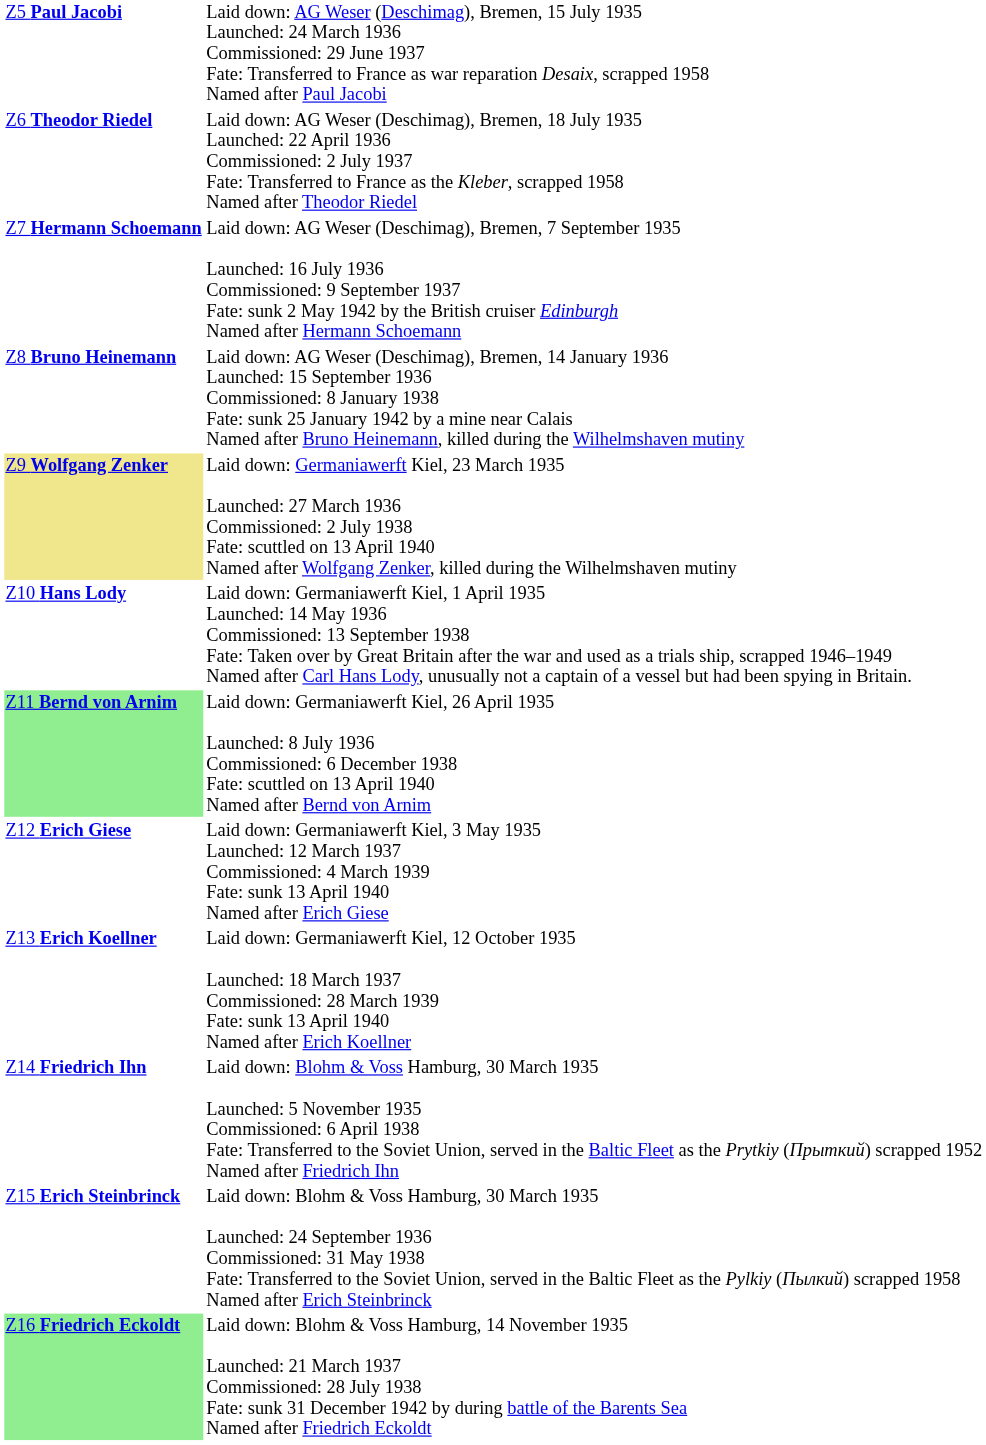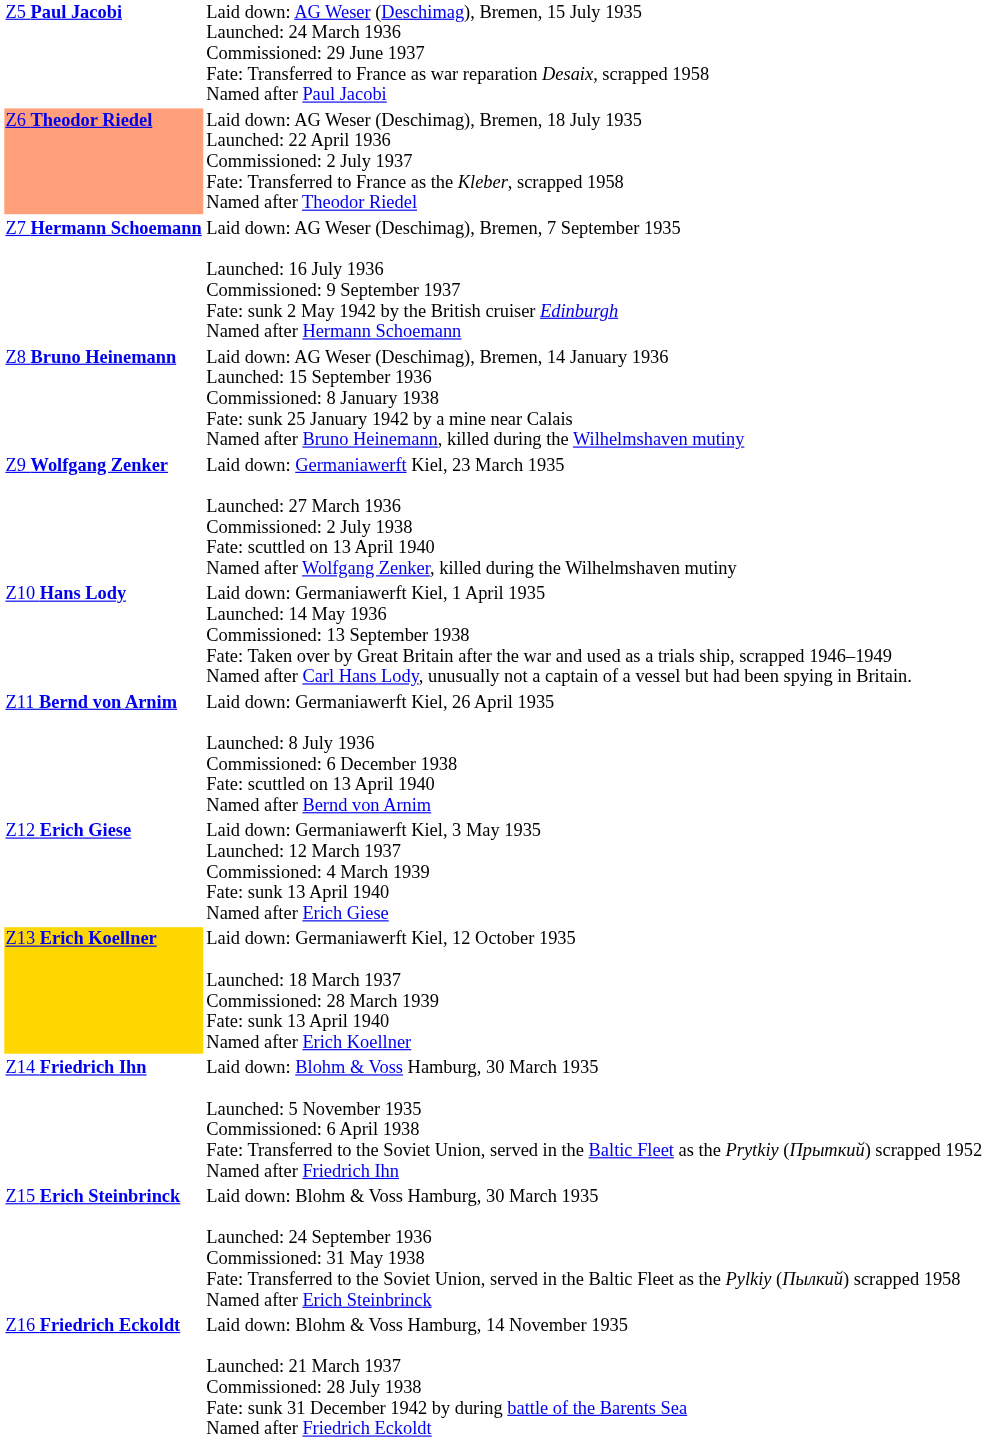 <table>
 <tr>
 <td valign="top"><a href='#'>Z5 <strong>Paul Jacobi</strong></a></td>
 <td>Laid down: <a href='#'>AG Weser</a> (<a href='#'>Deschimag</a>), Bremen, 15 July 1935<br>Launched: 24 March 1936<br> Commissioned: 29 June 1937<br> Fate: Transferred to France as war reparation <em>Desaix</em>, scrapped 1958<br> Named after <a href='#'>Paul Jacobi</a></td>
 </tr>
 <tr>
-<td valign="top"><a href='#'>Z6 <strong>Theodor Riedel</strong></a></td>
+<td valign="top" style="background: lightsalmon;"><a href='#'>Z6 <strong>Theodor Riedel</strong></a></td>
 <td>Laid down: AG Weser (Deschimag), Bremen, 18 July 1935<br>Launched: 22 April 1936<br> Commissioned: 2 July 1937<br> Fate: Transferred to France as the <em>Kleber</em>, scrapped 1958<br> Named after <a href='#'>Theodor Riedel</a></td>
 </tr>
 <tr>
 <td valign="top"><a href='#'>Z7 <strong>Hermann Schoemann</strong></a></td>
 <td>Laid down: AG Weser (Deschimag), Bremen, 7 September 1935 <br><br>Launched: 16 July 1936<br> Commissioned: 9 September 1937<br> Fate: sunk 2 May 1942 by the British cruiser <em><a href='#'>Edinburgh</a></em><br> Named after <a href='#'>Hermann Schoemann</a></td>
 </tr>
 <tr>
 <td valign="top"><a href='#'>Z8 <strong>Bruno Heinemann</strong></a></td>
 <td>Laid down: AG Weser (Deschimag), Bremen, 14 January 1936<br>Launched: 15 September 1936<br> Commissioned: 8 January 1938<br> Fate: sunk 25 January 1942 by a mine near Calais<br> Named after <a href='#'>Bruno Heinemann</a>, killed during the <a href='#'>Wilhelmshaven mutiny</a></td>
 </tr>
 <tr>
-<td valign="top" style="background: khaki;"><a href='#'>Z9 <strong>Wolfgang Zenker</strong></a></td>
+<td valign="top"><a href='#'>Z9 <strong>Wolfgang Zenker</strong></a></td>
 <td>Laid down: <a href='#'>Germaniawerft</a> Kiel, 23 March 1935<br><br>Launched: 27 March 1936<br> Commissioned: 2 July 1938<br> Fate: scuttled on 13 April 1940<br> Named after <a href='#'>Wolfgang Zenker</a>, killed during the Wilhelmshaven mutiny</td>
 </tr>
 <tr>
 <td valign="top"><a href='#'>Z10 <strong>Hans Lody</strong></a></td>
 <td>Laid down: Germaniawerft Kiel, 1 April 1935<br>Launched: 14 May 1936<br> Commissioned: 13 September 1938<br> Fate: Taken over by Great Britain after the war and used as a trials ship, scrapped 1946–1949<br> Named after <a href='#'>Carl Hans Lody</a>, unusually not a captain of a vessel but had been spying in Britain.</td>
 </tr>
 <tr>
-<td valign="top" style="background: lightgreen;"><a href='#'>Z11 <strong>Bernd von Arnim</strong></a></td>
+<td valign="top"><a href='#'>Z11 <strong>Bernd von Arnim</strong></a></td>
 <td>Laid down: Germaniawerft Kiel, 26 April 1935<br><br>Launched: 8 July 1936<br> Commissioned: 6 December 1938<br> Fate: scuttled on 13 April 1940<br> Named after <a href='#'>Bernd von Arnim</a></td>
 </tr>
 <tr>
 <td valign="top"><a href='#'>Z12 <strong>Erich Giese</strong></a></td>
 <td>Laid down: Germaniawerft Kiel, 3 May 1935<br>Launched: 12 March 1937<br> Commissioned: 4 March 1939<br> Fate: sunk 13 April 1940<br> Named after <a href='#'>Erich Giese</a></td>
 </tr>
 <tr>
-<td valign="top"><a href='#'>Z13 <strong>Erich Koellner</strong></a></td>
+<td valign="top" style="background: gold;"><a href='#'>Z13 <strong>Erich Koellner</strong></a></td>
 <td>Laid down: Germaniawerft Kiel, 12 October 1935<br><br>Launched: 18 March 1937<br> Commissioned: 28 March 1939<br> Fate: sunk 13 April 1940<br> Named after <a href='#'>Erich Koellner</a></td>
 </tr>
 <tr>
 <td valign="top"><a href='#'>Z14 <strong>Friedrich Ihn</strong></a></td>
 <td>Laid down: <a href='#'>Blohm & Voss</a> Hamburg, 30 March 1935<br><br>Launched: 5 November 1935<br> Commissioned: 6 April 1938<br> Fate: Transferred to the Soviet Union, served in the <a href='#'>Baltic Fleet</a> as the <em>Prytkiy</em> (<em>Прыткий</em>) scrapped 1952<br> Named after <a href='#'>Friedrich Ihn</a></td>
 </tr>
 <tr>
 <td valign="top"><a href='#'>Z15 <strong>Erich Steinbrinck</strong></a></td>
 <td>Laid down: Blohm & Voss Hamburg, 30 March 1935<br><br>Launched: 24 September 1936<br> Commissioned: 31 May 1938<br> Fate: Transferred to the Soviet Union, served in the Baltic Fleet as the <em>Pylkiy</em> (<em>Пылкий</em>) scrapped 1958<br> Named after <a href='#'>Erich Steinbrinck</a></td>
 </tr>
 <tr>
-<td valign="top" style="background: lightgreen;"><a href='#'>Z16 <strong>Friedrich Eckoldt</strong></a></td>
+<td valign="top"><a href='#'>Z16 <strong>Friedrich Eckoldt</strong></a></td>
 <td>Laid down: Blohm & Voss Hamburg, 14 November 1935<br><br>Launched: 21 March 1937<br> Commissioned: 28 July 1938<br> Fate: sunk 31 December 1942 by  during <a href='#'>battle of the Barents Sea</a><br> Named after <a href='#'>Friedrich Eckoldt</a></td>
 </tr>
 </table>
